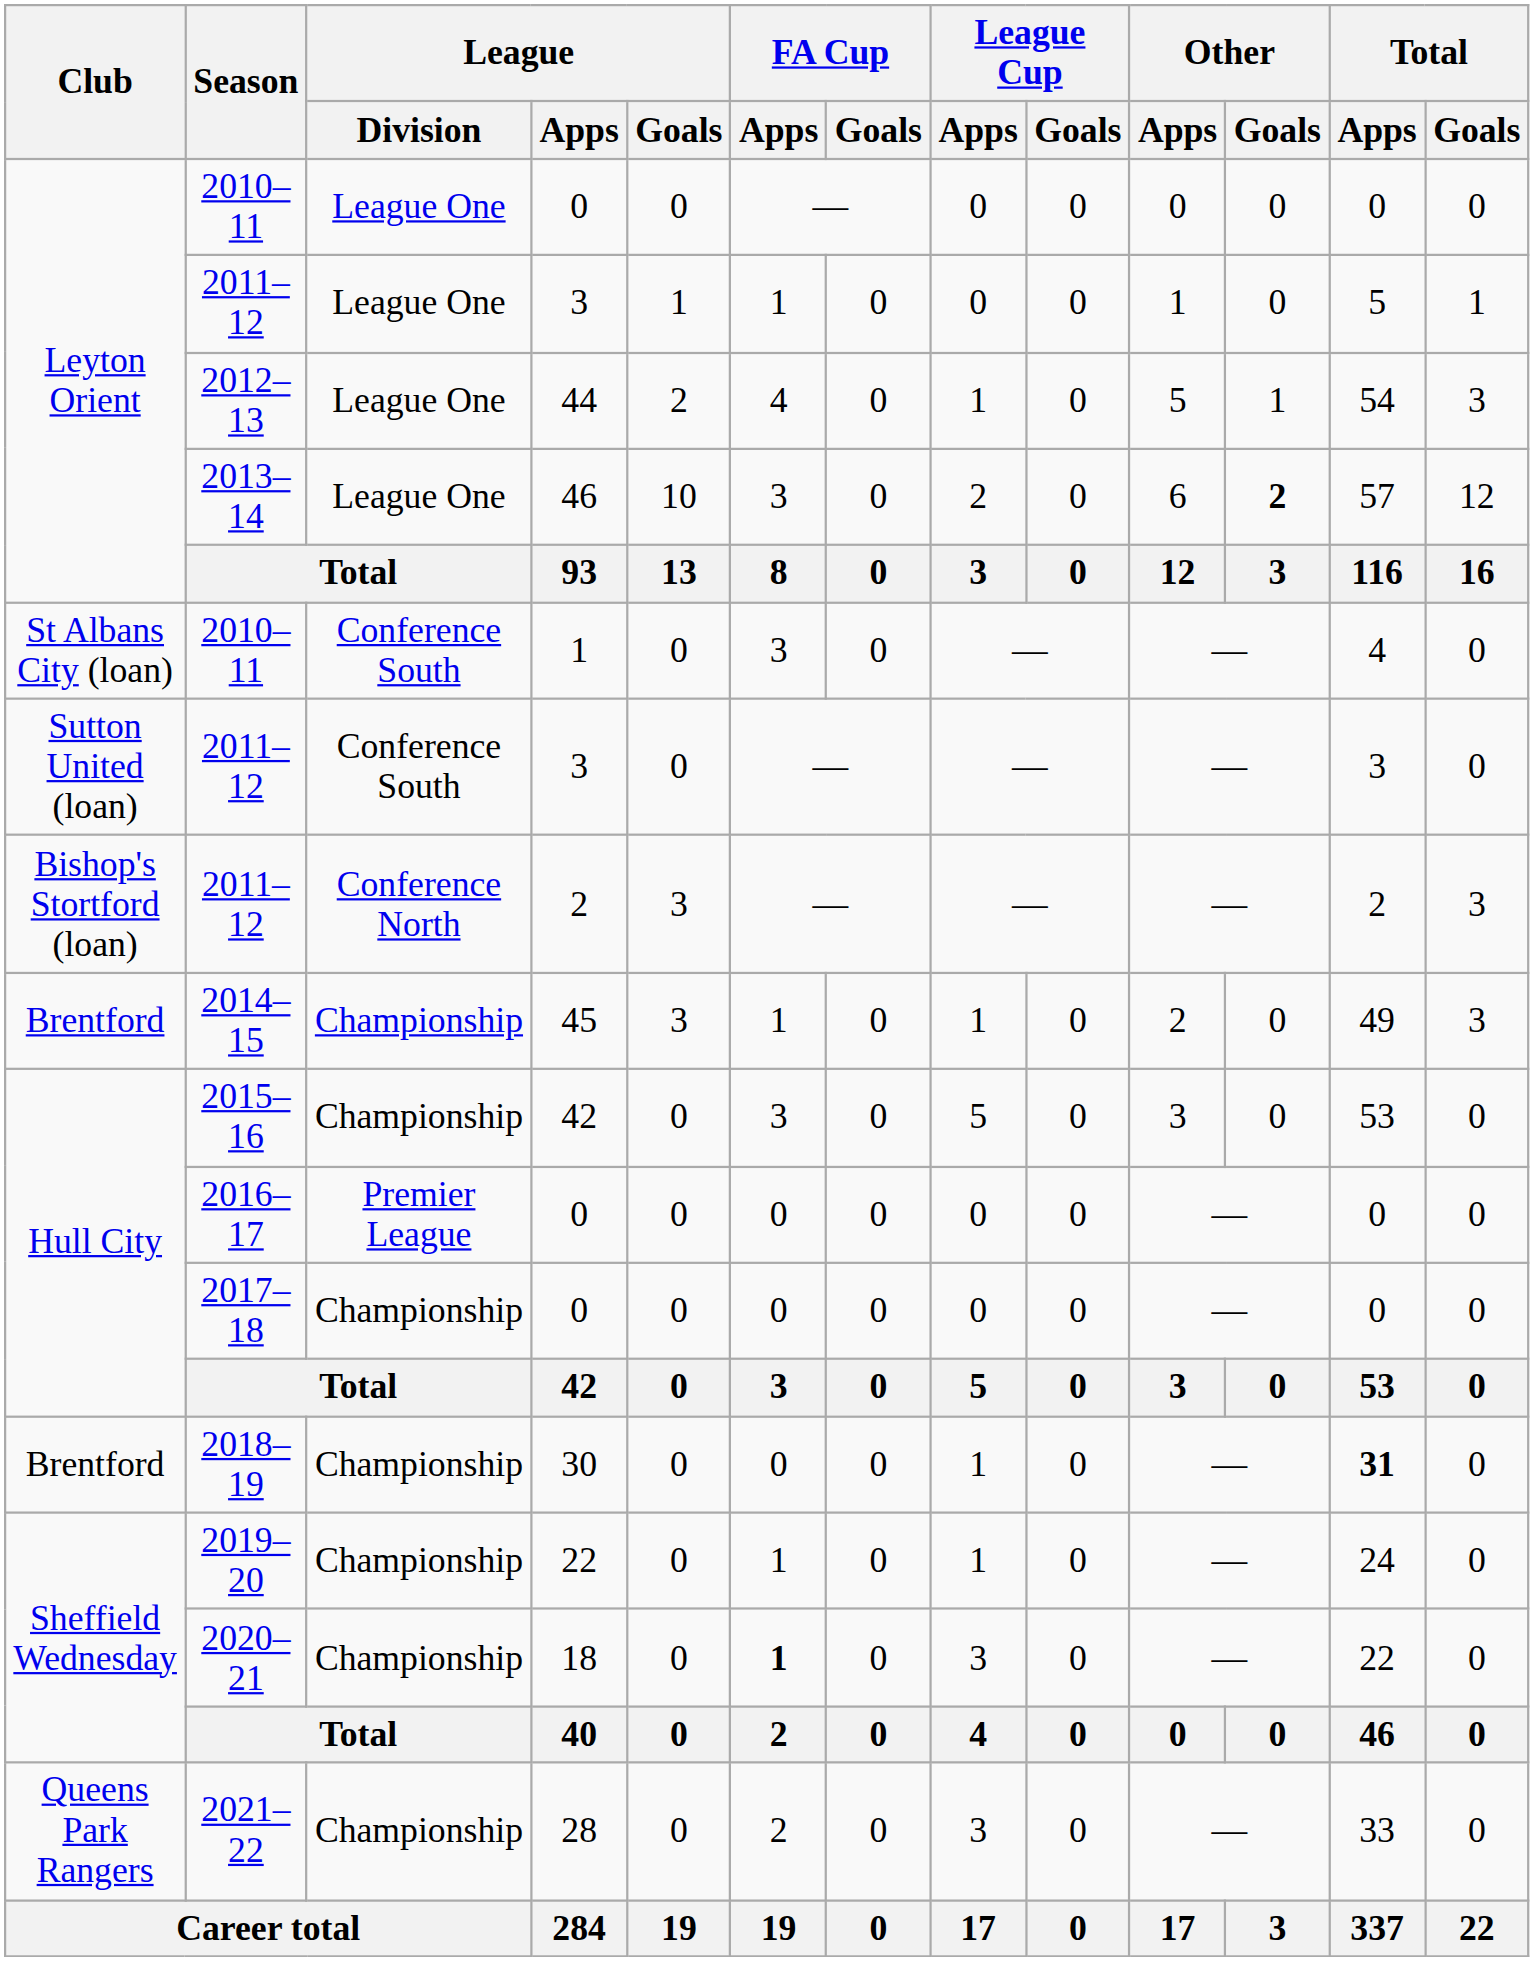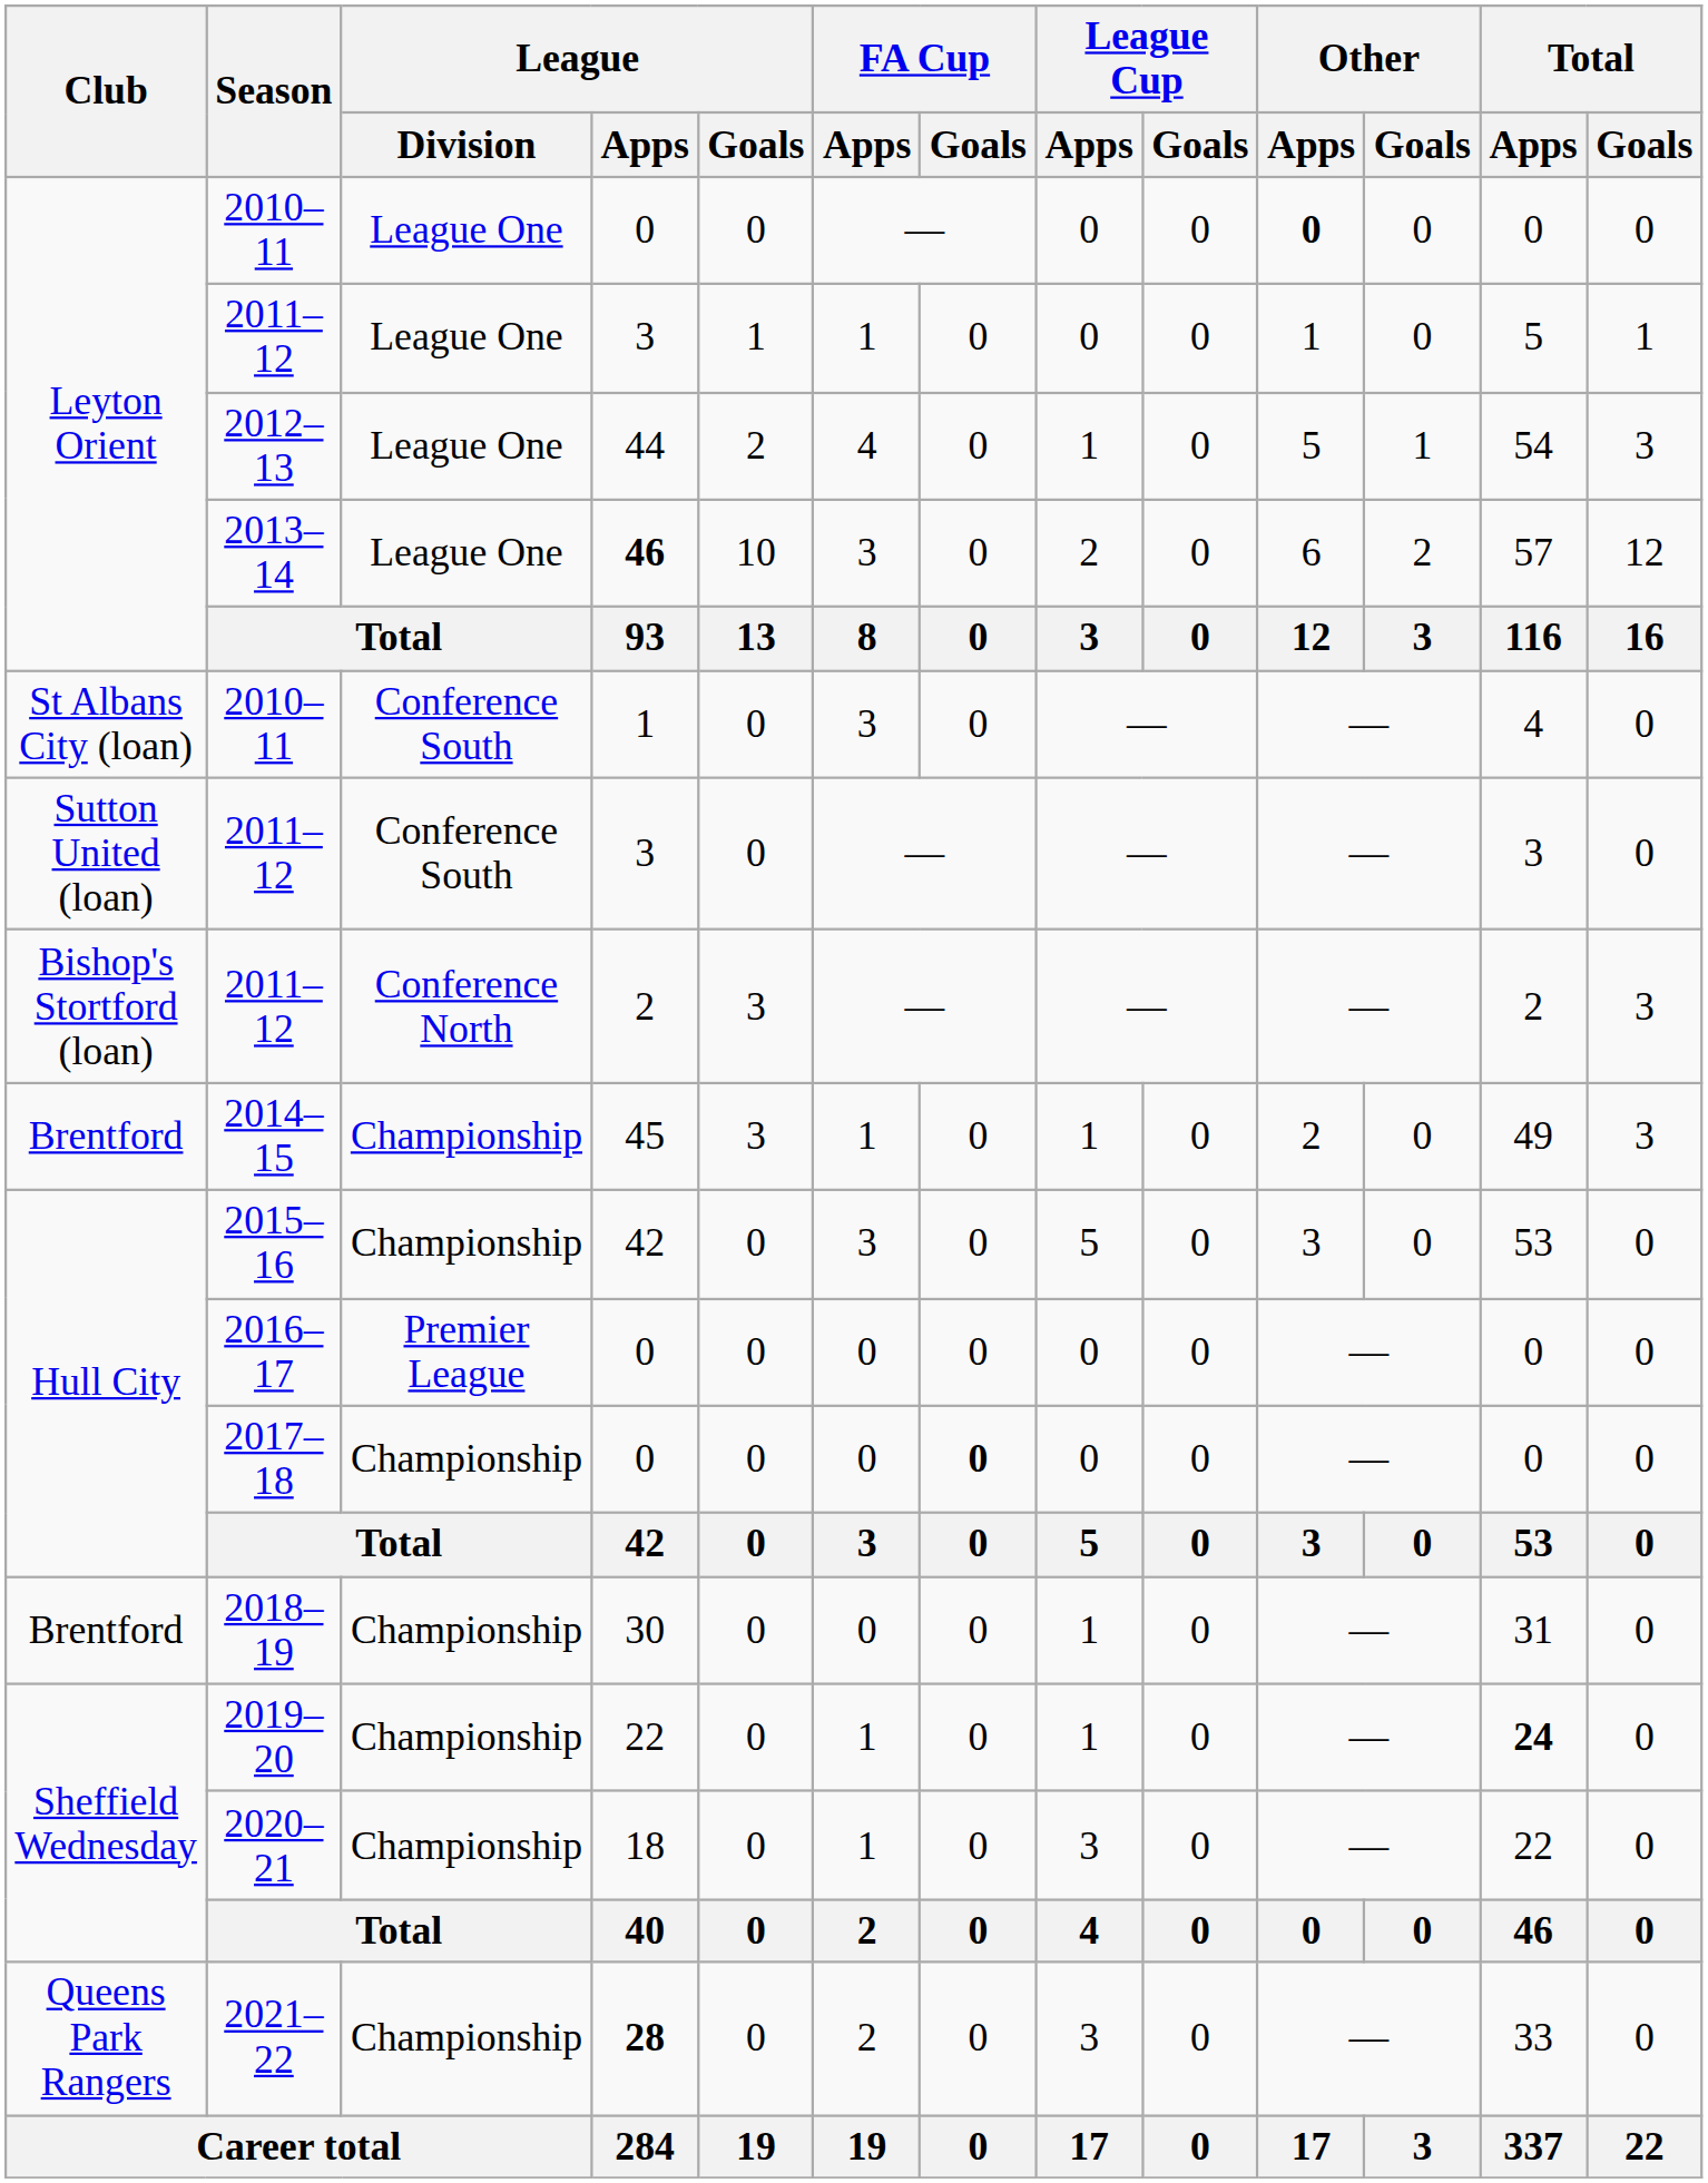 <table class=wikitable style=text-align:center>
 <tr>
 <th rowspan=2>Club</th>
 <th rowspan=2>Season</th>
 <th colspan=3>League</th>
 <th colspan=2><a href='#'>FA Cup</a></th>
 <th colspan=2><a href='#'>League Cup</a></th>
 <th colspan=2>Other</th>
 <th colspan=2>Total</th>
 </tr>
 <tr>
 <th>Division</th>
 <th>Apps</th>
 <th>Goals</th>
 <th>Apps</th>
 <th>Goals</th>
 <th>Apps</th>
 <th>Goals</th>
 <th>Apps</th>
 <th>Goals</th>
 <th>Apps</th>
 <th>Goals</th>
 </tr>
 <tr>
 <td rowspan=5><a href='#'>Leyton Orient</a></td>
 <td><a href='#'>2010–11</a></td>
 <td><a href='#'>League One</a></td>
 <td>0</td>
 <td>0</td>
 <td colspan=2>—</td>
 <td>0</td>
 <td>0</td>
-<td>0</td>
+<td><strong>0</strong></td>
 <td>0</td>
 <td>0</td>
 <td>0</td>
 </tr>
 <tr>
 <td><a href='#'>2011–12</a></td>
 <td>League One</td>
 <td>3</td>
 <td>1</td>
 <td>1</td>
 <td>0</td>
 <td>0</td>
 <td>0</td>
 <td>1</td>
 <td>0</td>
 <td>5</td>
 <td>1</td>
 </tr>
 <tr>
 <td><a href='#'>2012–13</a></td>
 <td>League One</td>
 <td>44</td>
 <td>2</td>
 <td>4</td>
 <td>0</td>
 <td>1</td>
 <td>0</td>
 <td>5</td>
 <td>1</td>
 <td>54</td>
 <td>3</td>
 </tr>
 <tr>
 <td><a href='#'>2013–14</a></td>
 <td>League One</td>
-<td>46</td>
+<td><strong>46</strong></td>
 <td>10</td>
 <td>3</td>
 <td>0</td>
 <td>2</td>
 <td>0</td>
 <td>6</td>
-<td><strong>2</strong></td>
+<td>2</td>
 <td>57</td>
 <td>12</td>
 </tr>
 <tr>
 <th colspan=2>Total</th>
 <th>93</th>
 <th>13</th>
 <th>8</th>
 <th>0</th>
 <th>3</th>
 <th>0</th>
 <th>12</th>
 <th>3</th>
 <th>116</th>
 <th>16</th>
 </tr>
 <tr>
 <td><a href='#'>St Albans City</a> (loan)</td>
 <td><a href='#'>2010–11</a></td>
 <td><a href='#'>Conference South</a></td>
 <td>1</td>
 <td>0</td>
 <td>3</td>
 <td>0</td>
 <td colspan=2>—</td>
 <td colspan=2>—</td>
 <td>4</td>
 <td>0</td>
 </tr>
 <tr>
 <td><a href='#'>Sutton United</a> (loan)</td>
 <td><a href='#'>2011–12</a></td>
 <td>Conference South</td>
 <td>3</td>
 <td>0</td>
 <td colspan=2>—</td>
 <td colspan=2>—</td>
 <td colspan=2>—</td>
 <td>3</td>
 <td>0</td>
 </tr>
 <tr>
 <td><a href='#'>Bishop's Stortford</a> (loan)</td>
 <td><a href='#'>2011–12</a></td>
 <td><a href='#'>Conference North</a></td>
 <td>2</td>
 <td>3</td>
 <td colspan=2>—</td>
 <td colspan=2>—</td>
 <td colspan=2>—</td>
 <td>2</td>
 <td>3</td>
 </tr>
 <tr>
 <td><a href='#'>Brentford</a></td>
 <td><a href='#'>2014–15</a></td>
 <td><a href='#'>Championship</a></td>
 <td>45</td>
 <td>3</td>
 <td>1</td>
 <td>0</td>
 <td>1</td>
 <td>0</td>
 <td>2</td>
 <td>0</td>
 <td>49</td>
 <td>3</td>
 </tr>
 <tr>
 <td rowspan=4><a href='#'>Hull City</a></td>
 <td><a href='#'>2015–16</a></td>
 <td>Championship</td>
 <td>42</td>
 <td>0</td>
 <td>3</td>
 <td>0</td>
 <td>5</td>
 <td>0</td>
 <td>3</td>
 <td>0</td>
 <td>53</td>
 <td>0</td>
 </tr>
 <tr>
 <td><a href='#'>2016–17</a></td>
 <td><a href='#'>Premier League</a></td>
 <td>0</td>
 <td>0</td>
 <td>0</td>
 <td>0</td>
 <td>0</td>
 <td>0</td>
 <td colspan=2>—</td>
 <td>0</td>
 <td>0</td>
 </tr>
 <tr>
 <td><a href='#'>2017–18</a></td>
 <td>Championship</td>
 <td>0</td>
 <td>0</td>
 <td>0</td>
-<td>0</td>
+<td><strong>0</strong></td>
 <td>0</td>
 <td>0</td>
 <td colspan=2>—</td>
 <td>0</td>
 <td>0</td>
 </tr>
 <tr>
 <th colspan=2>Total</th>
 <th>42</th>
 <th>0</th>
 <th>3</th>
 <th>0</th>
 <th>5</th>
 <th>0</th>
 <th>3</th>
 <th>0</th>
 <th>53</th>
 <th>0</th>
 </tr>
 <tr>
 <td>Brentford</td>
 <td><a href='#'>2018–19</a></td>
 <td>Championship</td>
 <td>30</td>
 <td>0</td>
 <td>0</td>
 <td>0</td>
 <td>1</td>
 <td>0</td>
 <td colspan=2>—</td>
-<td><strong>31</strong></td>
+<td>31</td>
 <td>0</td>
 </tr>
 <tr>
 <td rowspan=3><a href='#'>Sheffield Wednesday</a></td>
 <td><a href='#'>2019–20</a></td>
 <td>Championship</td>
 <td>22</td>
 <td>0</td>
 <td>1</td>
 <td>0</td>
 <td>1</td>
 <td>0</td>
 <td colspan=2>—</td>
-<td>24</td>
+<td><strong>24</strong></td>
 <td>0</td>
 </tr>
 <tr>
 <td><a href='#'>2020–21</a></td>
 <td>Championship</td>
 <td>18</td>
 <td>0</td>
-<td><strong>1</strong></td>
+<td>1</td>
 <td>0</td>
 <td>3</td>
 <td>0</td>
 <td colspan=2>—</td>
 <td>22</td>
 <td>0</td>
 </tr>
 <tr>
 <th colspan=2>Total</th>
 <th>40</th>
 <th>0</th>
 <th>2</th>
 <th>0</th>
 <th>4</th>
 <th>0</th>
 <th>0</th>
 <th>0</th>
 <th>46</th>
 <th>0</th>
 </tr>
 <tr>
 <td><a href='#'>Queens Park Rangers</a></td>
 <td><a href='#'>2021–22</a></td>
 <td>Championship</td>
-<td>28</td>
+<td><strong>28</strong></td>
 <td>0</td>
 <td>2</td>
 <td>0</td>
 <td>3</td>
 <td>0</td>
 <td colspan=2>—</td>
 <td>33</td>
 <td>0</td>
 </tr>
 <tr>
 <th colspan=3>Career total</th>
 <th>284</th>
 <th>19</th>
 <th>19</th>
 <th>0</th>
 <th>17</th>
 <th>0</th>
 <th>17</th>
 <th>3</th>
 <th>337</th>
 <th>22</th>
 </tr>
 </table>
